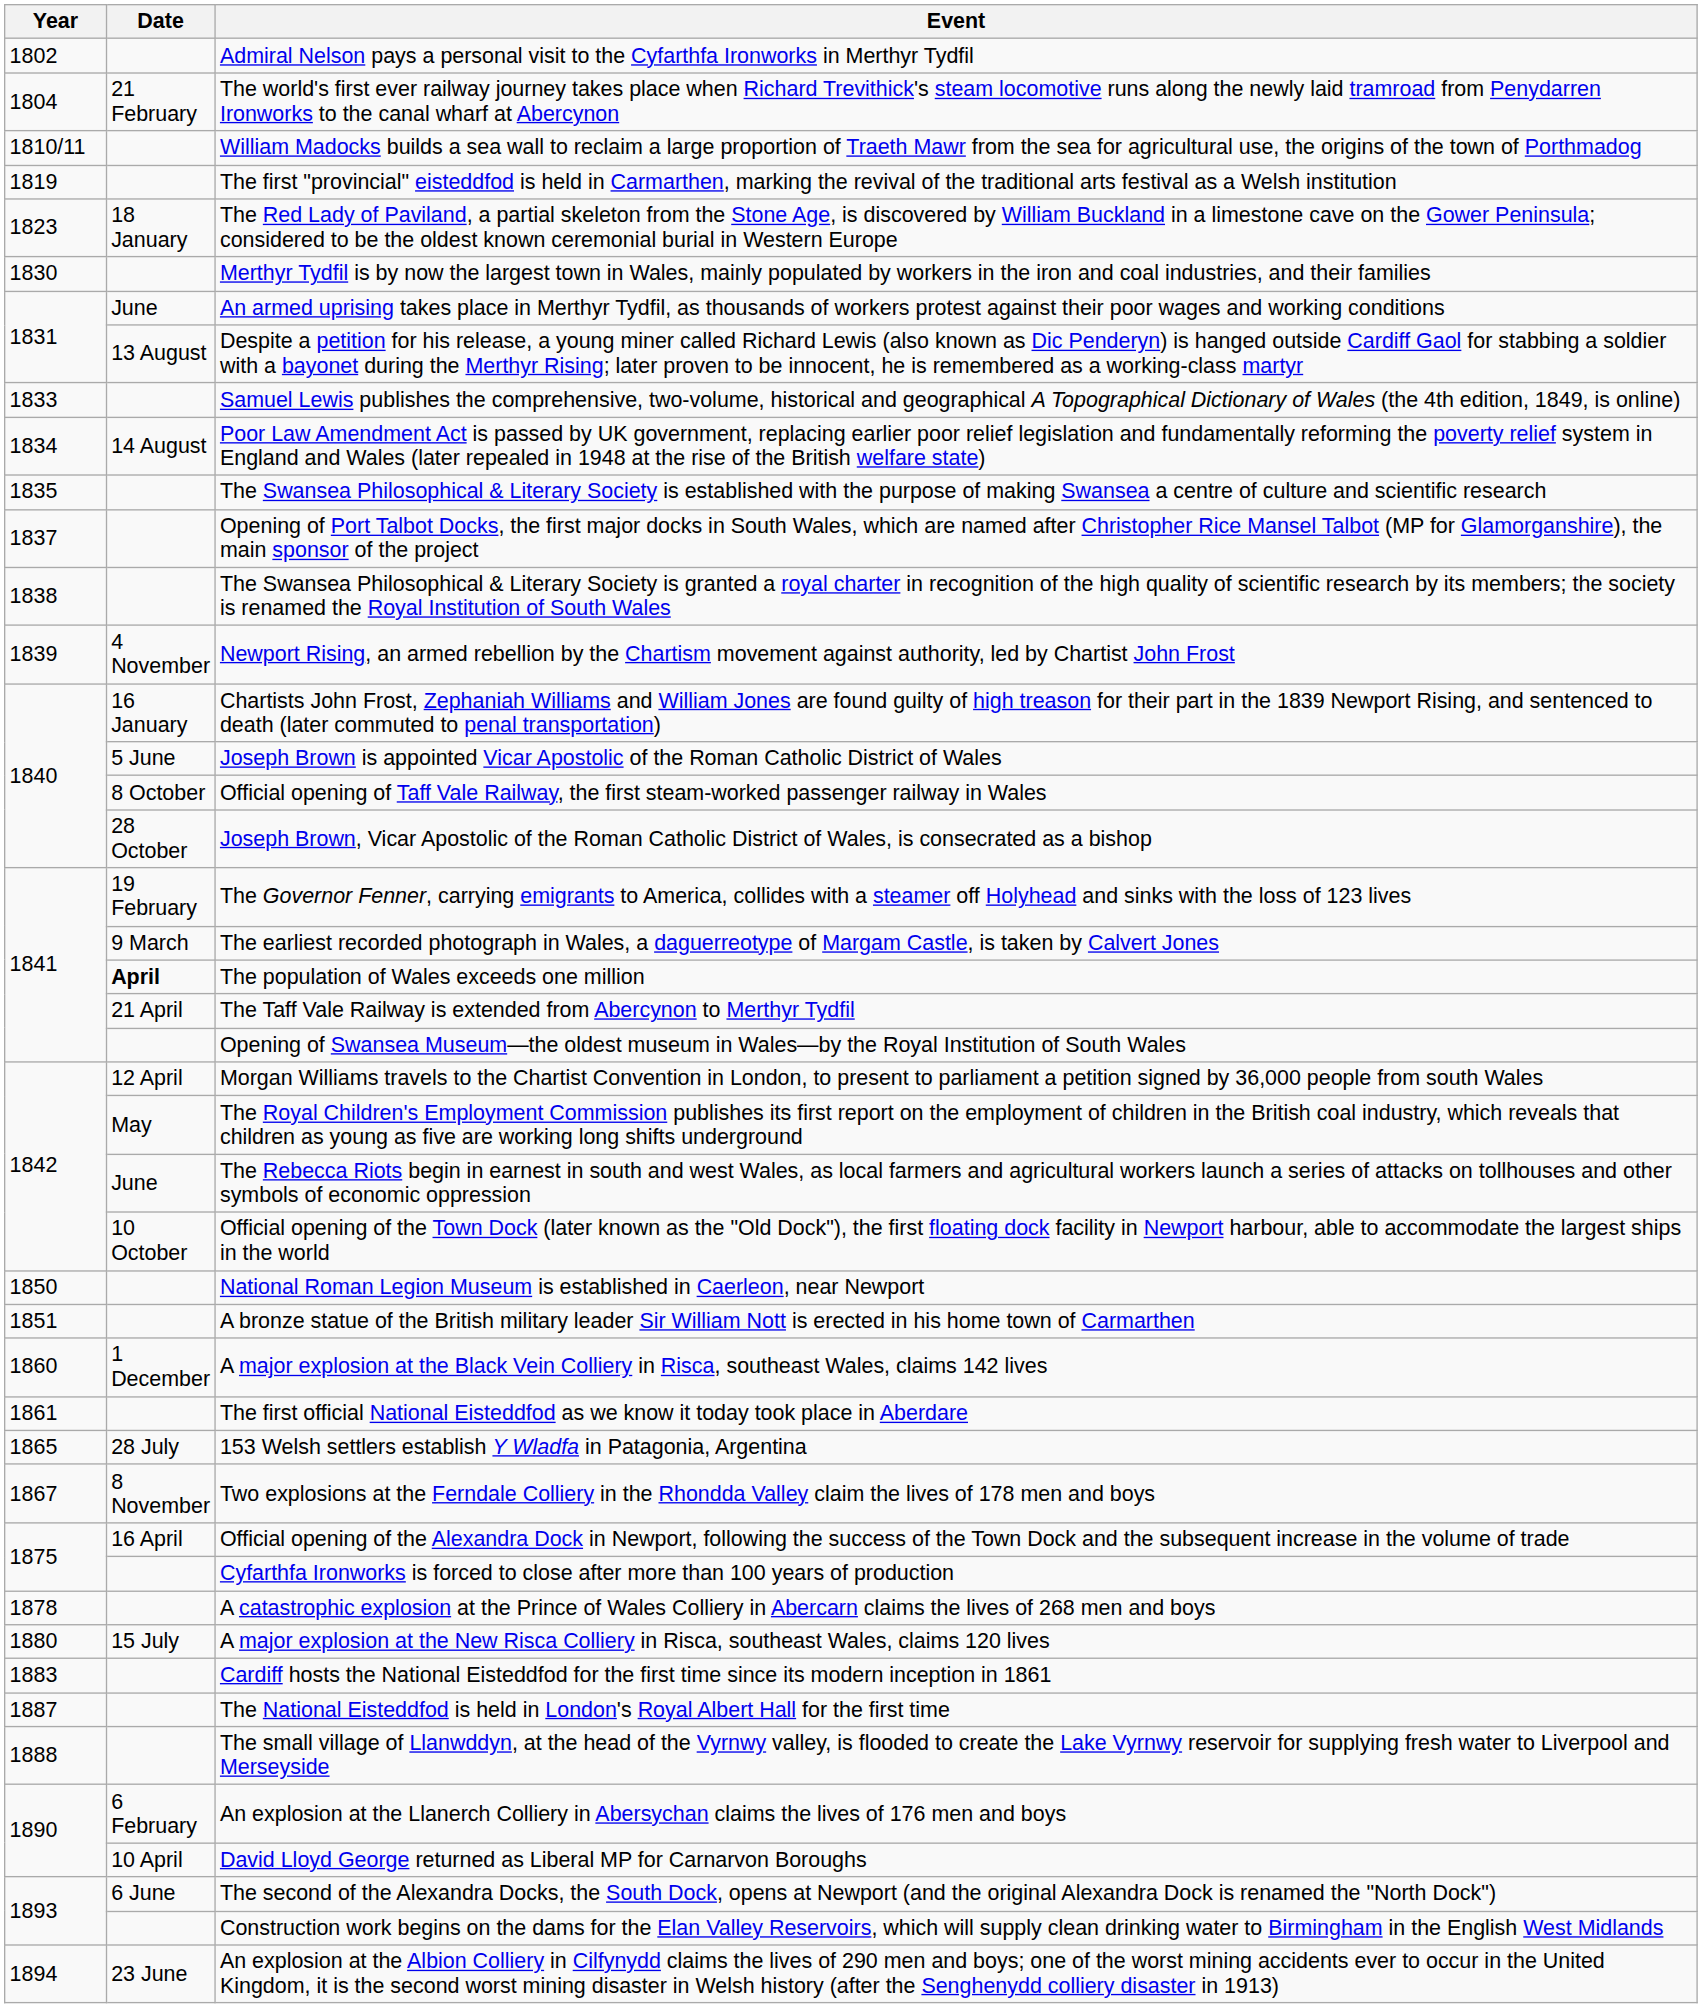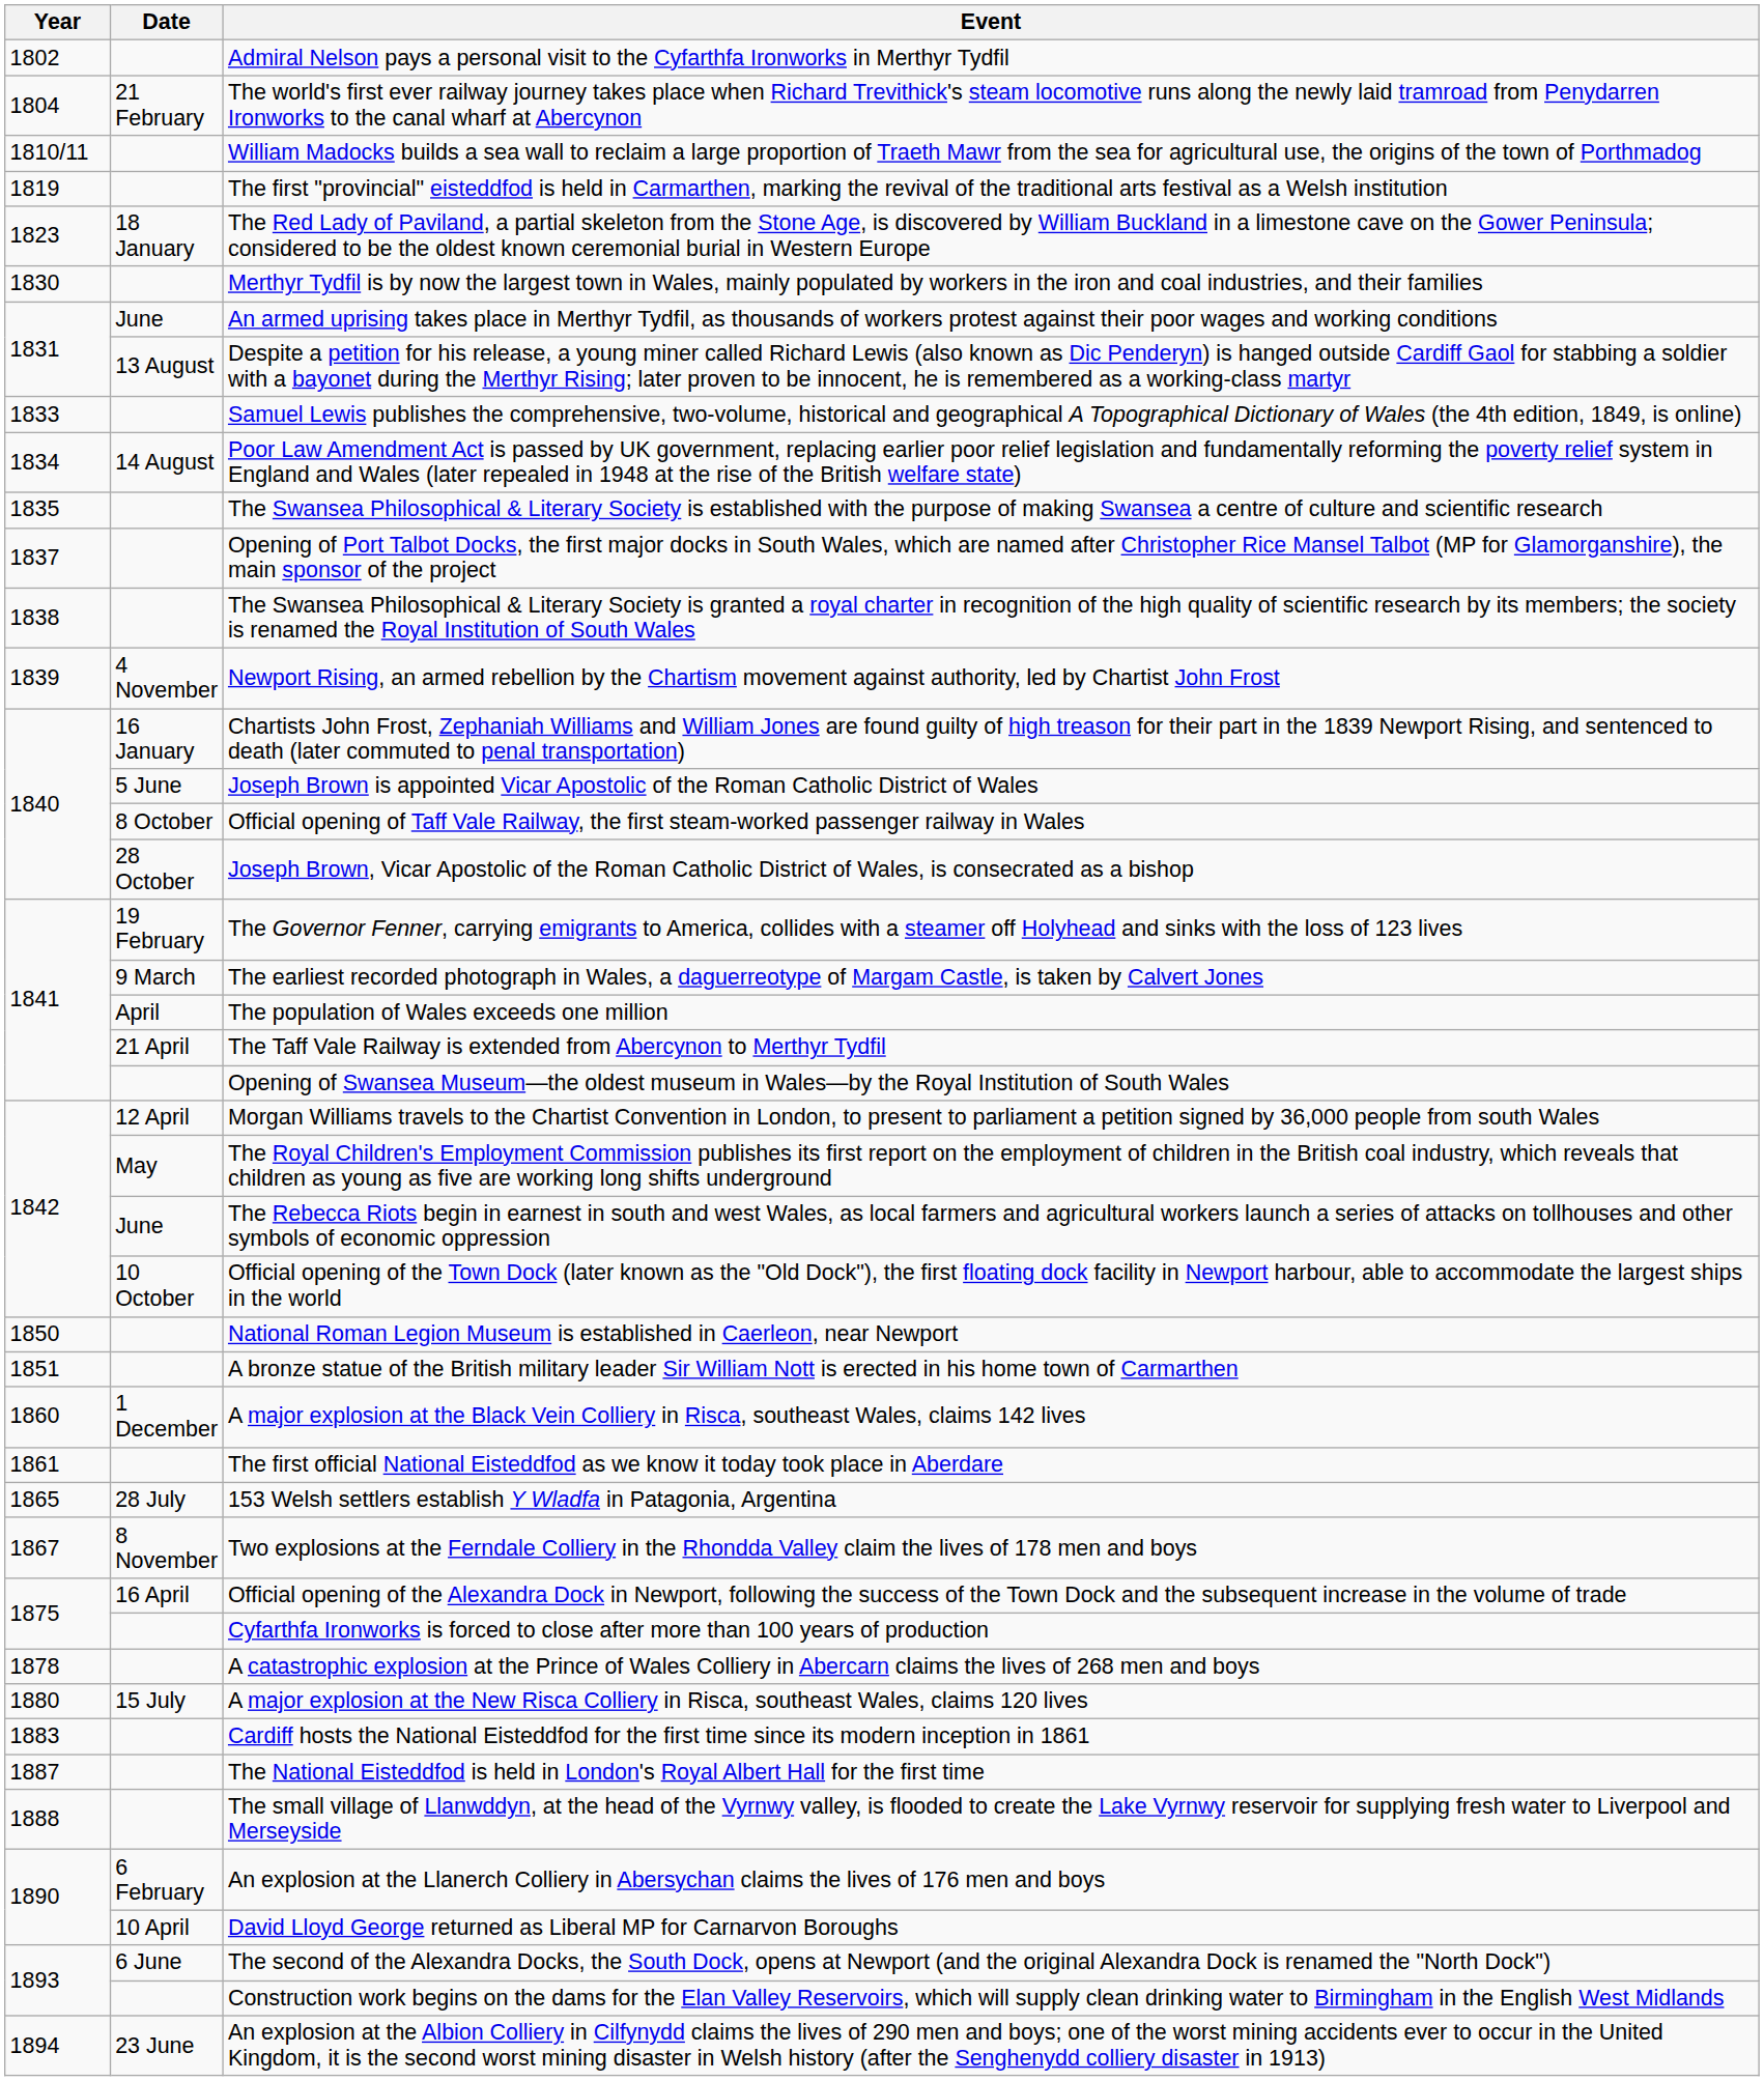 <table class="wikitable" width="100%">
 <tr>
 <th style="width:6%">Year</th>
 <th style="width:6%">Date</th>
 <th>Event</th>
 </tr>
 <tr>
 <td>1802</td>
 <td></td>
 <td><a href='#'>Admiral Nelson</a> pays a personal visit to the <a href='#'>Cyfarthfa Ironworks</a> in Merthyr Tydfil</td>
 </tr>
 <tr>
 <td>1804</td>
 <td>21 February</td>
 <td>The world's first ever railway journey takes place when <a href='#'>Richard Trevithick</a>'s <a href='#'>steam locomotive</a> runs along the newly laid <a href='#'>tramroad</a> from <a href='#'>Penydarren Ironworks</a> to the canal wharf at <a href='#'>Abercynon</a></td>
 </tr>
 <tr>
 <td>1810/11</td>
 <td></td>
 <td><a href='#'>William Madocks</a> builds a sea wall to reclaim a large proportion of <a href='#'>Traeth Mawr</a> from the sea for agricultural use, the origins of the town of <a href='#'>Porthmadog</a></td>
 </tr>
 <tr>
 <td>1819</td>
 <td></td>
 <td>The first "provincial" <a href='#'>eisteddfod</a> is held in <a href='#'>Carmarthen</a>, marking the revival of the traditional arts festival as a Welsh institution</td>
 </tr>
 <tr>
 <td>1823</td>
 <td>18 January</td>
 <td>The <a href='#'>Red Lady of Paviland</a>, a partial skeleton from the <a href='#'>Stone Age</a>, is discovered by <a href='#'>William Buckland</a> in a limestone cave on the <a href='#'>Gower Peninsula</a>; considered to be the oldest known ceremonial burial in Western Europe</td>
 </tr>
 <tr>
 <td>1830</td>
 <td></td>
 <td><a href='#'>Merthyr Tydfil</a> is by now the largest town in Wales, mainly populated by workers in the iron and coal industries, and their families</td>
 </tr>
 <tr>
 <td rowspan=2>1831</td>
 <td>June</td>
 <td><a href='#'>An armed uprising</a> takes place in Merthyr Tydfil, as thousands of workers protest against their poor wages and working conditions</td>
 </tr>
 <tr>
 <td>13 August</td>
 <td>Despite a <a href='#'>petition</a> for his release, a young miner called Richard Lewis (also known as <a href='#'>Dic Penderyn</a>) is hanged outside <a href='#'>Cardiff Gaol</a> for stabbing a soldier with a <a href='#'>bayonet</a> during the <a href='#'>Merthyr Rising</a>; later proven to be innocent, he is remembered as a working-class <a href='#'>martyr</a></td>
 </tr>
 <tr>
 <td>1833</td>
 <td></td>
 <td><a href='#'>Samuel Lewis</a> publishes the comprehensive, two-volume, historical and geographical <em>A Topographical Dictionary of Wales</em> (the 4th edition, 1849, is online)</td>
 </tr>
 <tr>
 <td>1834</td>
 <td>14 August</td>
 <td><a href='#'>Poor Law Amendment Act</a> is passed by UK government, replacing earlier poor relief legislation and fundamentally reforming the <a href='#'>poverty relief</a> system in England and Wales (later repealed in 1948 at the rise of the British <a href='#'>welfare state</a>)</td>
 </tr>
 <tr>
 <td>1835</td>
 <td></td>
 <td>The <a href='#'>Swansea Philosophical & Literary Society</a> is established with the purpose of making <a href='#'>Swansea</a> a centre of culture and scientific research</td>
 </tr>
 <tr>
 <td>1837</td>
 <td></td>
 <td>Opening of <a href='#'>Port Talbot Docks</a>, the first major docks in South Wales, which are named after <a href='#'>Christopher Rice Mansel Talbot</a> (MP for <a href='#'>Glamorganshire</a>), the main <a href='#'>sponsor</a> of the project</td>
 </tr>
 <tr>
 <td>1838</td>
 <td></td>
 <td>The Swansea Philosophical & Literary Society is granted a <a href='#'>royal charter</a> in recognition of the high quality of scientific research by its members; the society is renamed the <a href='#'>Royal Institution of South Wales</a></td>
 </tr>
 <tr>
 <td>1839</td>
 <td>4 November</td>
 <td><a href='#'>Newport Rising</a>, an armed rebellion by the <a href='#'>Chartism</a> movement against authority, led by Chartist <a href='#'>John Frost</a></td>
 </tr>
 <tr>
 <td rowspan=4>1840</td>
 <td>16 January</td>
 <td>Chartists John Frost, <a href='#'>Zephaniah Williams</a> and <a href='#'>William Jones</a> are found guilty of <a href='#'>high treason</a> for their part in the 1839 Newport Rising, and sentenced to death (later commuted to <a href='#'>penal transportation</a>)</td>
 </tr>
 <tr>
 <td>5 June</td>
 <td><a href='#'>Joseph Brown</a> is appointed <a href='#'>Vicar Apostolic</a> of the Roman Catholic District of Wales</td>
 </tr>
 <tr>
 <td>8 October</td>
 <td>Official opening of <a href='#'>Taff Vale Railway</a>, the first steam-worked passenger railway in Wales</td>
 </tr>
 <tr>
 <td>28 October</td>
 <td><a href='#'>Joseph Brown</a>, Vicar Apostolic of the Roman Catholic District of Wales, is consecrated as a bishop</td>
 </tr>
 <tr>
 <td rowspan=5>1841</td>
 <td>19 February</td>
 <td>The <em>Governor Fenner</em>, carrying <a href='#'>emigrants</a> to America, collides with a <a href='#'>steamer</a> off <a href='#'>Holyhead</a> and sinks with the loss of 123 lives</td>
 </tr>
 <tr>
 <td>9 March</td>
 <td>The earliest recorded photograph in Wales, a <a href='#'>daguerreotype</a> of <a href='#'>Margam Castle</a>, is taken by <a href='#'>Calvert Jones</a></td>
 </tr>
 <tr>
-<td><strong>April</strong></td>
+<td>April</td>
 <td>The population of Wales exceeds one million</td>
 </tr>
 <tr>
 <td>21 April</td>
 <td>The Taff Vale Railway is extended from <a href='#'>Abercynon</a> to <a href='#'>Merthyr Tydfil</a></td>
 </tr>
 <tr>
 <td></td>
 <td>Opening of <a href='#'>Swansea Museum</a>—the oldest museum in Wales—by the Royal Institution of South Wales</td>
 </tr>
 <tr>
 <td rowspan=4>1842</td>
 <td>12 April</td>
 <td>Morgan Williams travels to the Chartist Convention in London, to present to parliament a petition signed by 36,000 people from south Wales</td>
 </tr>
 <tr>
 <td>May</td>
 <td>The <a href='#'>Royal Children's Employment Commission</a> publishes its first report on the employment of children in the British coal industry, which reveals that children as young as five are working long shifts underground</td>
 </tr>
 <tr>
 <td>June</td>
 <td>The <a href='#'>Rebecca Riots</a> begin in earnest in south and west Wales, as local farmers and agricultural workers launch a series of attacks on tollhouses and other symbols of economic oppression</td>
 </tr>
 <tr>
 <td>10 October</td>
 <td>Official opening of the <a href='#'>Town Dock</a> (later known as the "Old Dock"), the first <a href='#'>floating dock</a> facility in <a href='#'>Newport</a> harbour, able to accommodate the largest ships in the world</td>
 </tr>
 <tr>
 <td>1850</td>
 <td></td>
 <td><a href='#'>National Roman Legion Museum</a> is established in <a href='#'>Caerleon</a>, near Newport</td>
 </tr>
 <tr>
 <td>1851</td>
 <td></td>
 <td>A bronze statue of the British military leader <a href='#'>Sir William Nott</a> is erected in his home town of <a href='#'>Carmarthen</a></td>
 </tr>
 <tr>
 <td>1860</td>
 <td>1 December</td>
 <td>A <a href='#'>major explosion at the Black Vein Colliery</a> in <a href='#'>Risca</a>, southeast Wales, claims 142 lives</td>
 </tr>
 <tr>
 <td>1861</td>
 <td></td>
 <td>The first official <a href='#'>National Eisteddfod</a> as we know it today took place in <a href='#'>Aberdare</a></td>
 </tr>
 <tr>
 <td>1865</td>
 <td>28 July</td>
 <td>153 Welsh settlers establish <em><a href='#'>Y Wladfa</a></em> in Patagonia, Argentina</td>
 </tr>
 <tr>
 <td>1867</td>
 <td>8 November</td>
 <td>Two explosions at the <a href='#'>Ferndale Colliery</a> in the <a href='#'>Rhondda Valley</a> claim the lives of 178 men and boys</td>
 </tr>
 <tr>
 <td rowspan=2>1875</td>
 <td>16 April</td>
 <td>Official opening of the <a href='#'>Alexandra Dock</a> in Newport, following the success of the Town Dock and the subsequent increase in the volume of trade</td>
 </tr>
 <tr>
 <td></td>
 <td><a href='#'>Cyfarthfa Ironworks</a> is forced to close after more than 100 years of production</td>
 </tr>
 <tr>
 <td>1878</td>
 <td></td>
 <td>A <a href='#'>catastrophic explosion</a> at the Prince of Wales Colliery in <a href='#'>Abercarn</a> claims the lives of 268 men and boys</td>
 </tr>
 <tr>
 <td>1880</td>
 <td>15 July</td>
 <td>A <a href='#'>major explosion at the New Risca Colliery</a> in Risca, southeast Wales, claims 120 lives</td>
 </tr>
 <tr>
 <td>1883</td>
 <td></td>
 <td><a href='#'>Cardiff</a> hosts the National Eisteddfod for the first time since its modern inception in 1861</td>
 </tr>
 <tr>
 <td>1887</td>
 <td></td>
 <td>The <a href='#'>National Eisteddfod</a> is held in <a href='#'>London</a>'s <a href='#'>Royal Albert Hall</a> for the first time</td>
 </tr>
 <tr>
 <td>1888</td>
 <td></td>
 <td>The small village of <a href='#'>Llanwddyn</a>, at the head of the <a href='#'>Vyrnwy</a> valley, is flooded to create the <a href='#'>Lake Vyrnwy</a> reservoir for supplying fresh water to Liverpool and <a href='#'>Merseyside</a></td>
 </tr>
 <tr>
 <td rowspan=2>1890</td>
 <td>6 February</td>
 <td>An explosion at the Llanerch Colliery in <a href='#'>Abersychan</a> claims the lives of 176 men and boys</td>
 </tr>
 <tr>
 <td>10 April</td>
 <td><a href='#'>David Lloyd George</a> returned as Liberal MP for Carnarvon Boroughs</td>
 </tr>
 <tr>
 <td rowspan=2>1893</td>
 <td>6 June</td>
 <td>The second of the Alexandra Docks, the <a href='#'>South Dock</a>, opens at Newport (and the original Alexandra Dock is renamed the "North Dock")</td>
 </tr>
 <tr>
 <td></td>
 <td>Construction work begins on the dams for the <a href='#'>Elan Valley Reservoirs</a>, which will supply clean drinking water to <a href='#'>Birmingham</a> in the English <a href='#'>West Midlands</a></td>
 </tr>
 <tr>
 <td>1894</td>
 <td>23 June</td>
 <td>An explosion at the <a href='#'>Albion Colliery</a> in <a href='#'>Cilfynydd</a> claims the lives of 290 men and boys; one of the worst mining accidents ever to occur in the United Kingdom, it is the second worst mining disaster in Welsh history (after the <a href='#'>Senghenydd colliery disaster</a> in 1913)</td>
 </tr>
 </table>
